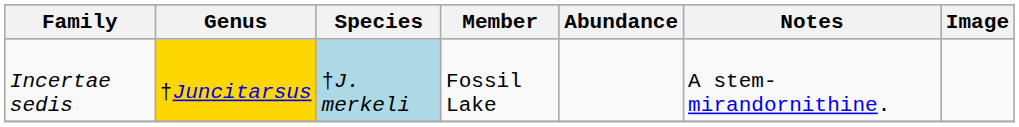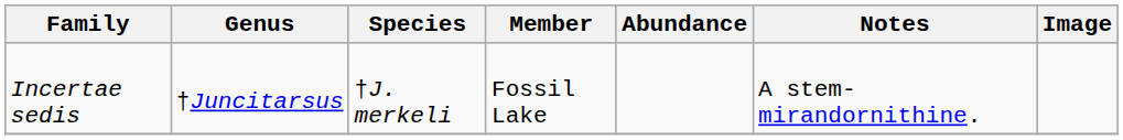 <table class="wikitable" style="margin:auto;width:100%;">
 <tr>
 <th>Family</th>
 <th>Genus</th>
 <th>Species</th>
 <th>Member</th>
 <th>Abundance</th>
 <th>Notes</th>
 <th>Image</th>
 </tr>
 <tr>
 <td><br><em>Incertae sedis</em></td>
-<td style="background: gold;"><br>†<em><a href='#'>Juncitarsus</a></em></td>
-<td style="background: lightblue;"><br>†<em>J. merkeli</em></td>
+<td><br>†<em><a href='#'>Juncitarsus</a></em></td>
+<td><br>†<em>J. merkeli</em></td>
 <td><br>Fossil Lake</td>
 <td></td>
 <td><br>A stem-<a href='#'>mirandornithine</a>.</td>
 <td><br></td>
 </tr>
 <tr>
 </tr>
 </table>
